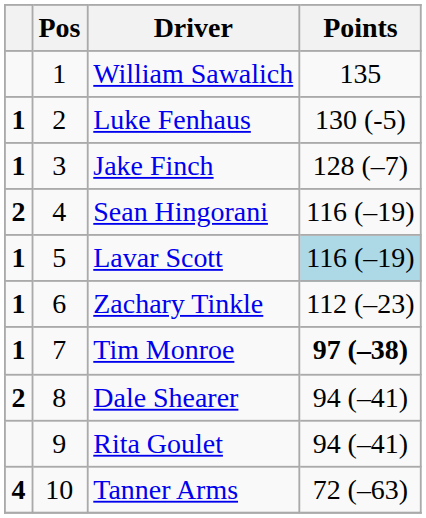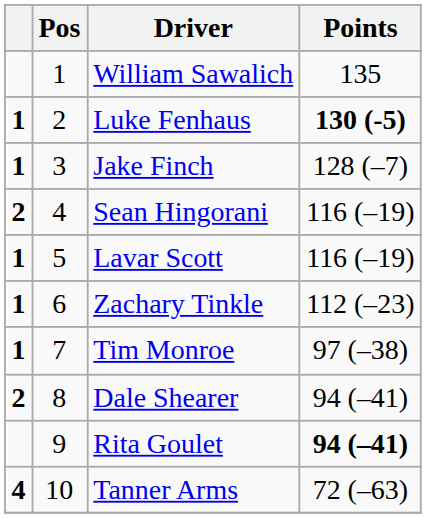 <table class="wikitable" style="font-size: 95%;">
 <tr>
 <th></th>
 <th>Pos</th>
 <th>Driver</th>
 <th>Points</th>
 </tr>
 <tr>
 <td align="left"></td>
 <td style="text-align:center;">1</td>
 <td><a href='#'>William Sawalich</a></td>
 <td style="text-align:center;">135</td>
 </tr>
 <tr>
 <td align="left"> <strong>1</strong></td>
 <td style="text-align:center;">2</td>
 <td><a href='#'>Luke Fenhaus</a></td>
-<td style="text-align:center;">130 (-5)</td>
+<td style="text-align:center;"><strong>130 (-5)</strong></td>
 </tr>
 <tr>
 <td align="left"> <strong>1</strong></td>
 <td style="text-align:center;">3</td>
 <td><a href='#'>Jake Finch</a></td>
 <td style="text-align:center;">128 (–7)</td>
 </tr>
 <tr>
 <td align="left"> <strong>2</strong></td>
 <td style="text-align:center;">4</td>
 <td><a href='#'>Sean Hingorani</a></td>
 <td style="text-align:center;">116 (–19)</td>
 </tr>
 <tr>
 <td align="left"> <strong>1</strong></td>
 <td style="text-align:center;">5</td>
 <td><a href='#'>Lavar Scott</a></td>
-<td style="background: lightblue; text-align:center;">116 (–19)</td>
+<td style="text-align:center;">116 (–19)</td>
 </tr>
 <tr>
 <td align="left"> <strong>1</strong></td>
 <td style="text-align:center;">6</td>
 <td><a href='#'>Zachary Tinkle</a></td>
 <td style="text-align:center;">112 (–23)</td>
 </tr>
 <tr>
 <td align="left"> <strong>1</strong></td>
 <td style="text-align:center;">7</td>
 <td><a href='#'>Tim Monroe</a></td>
-<td style="text-align:center;"><strong>97 (–38)</strong></td>
+<td style="text-align:center;">97 (–38)</td>
 </tr>
 <tr>
 <td align="left"> <strong>2</strong></td>
 <td style="text-align:center;">8</td>
 <td><a href='#'>Dale Shearer</a></td>
 <td style="text-align:center;">94 (–41)</td>
 </tr>
 <tr>
 <td align="left"></td>
 <td style="text-align:center;">9</td>
 <td><a href='#'>Rita Goulet</a></td>
-<td style="text-align:center;">94 (–41)</td>
+<td style="text-align:center;"><strong>94 (–41)</strong></td>
 </tr>
 <tr>
 <td align="left"> <strong>4</strong></td>
 <td style="text-align:center;">10</td>
 <td><a href='#'>Tanner Arms</a></td>
 <td style="text-align:center;">72 (–63)</td>
 </tr>
 <tr class="sortbottom">
 </tr>
 </table>
